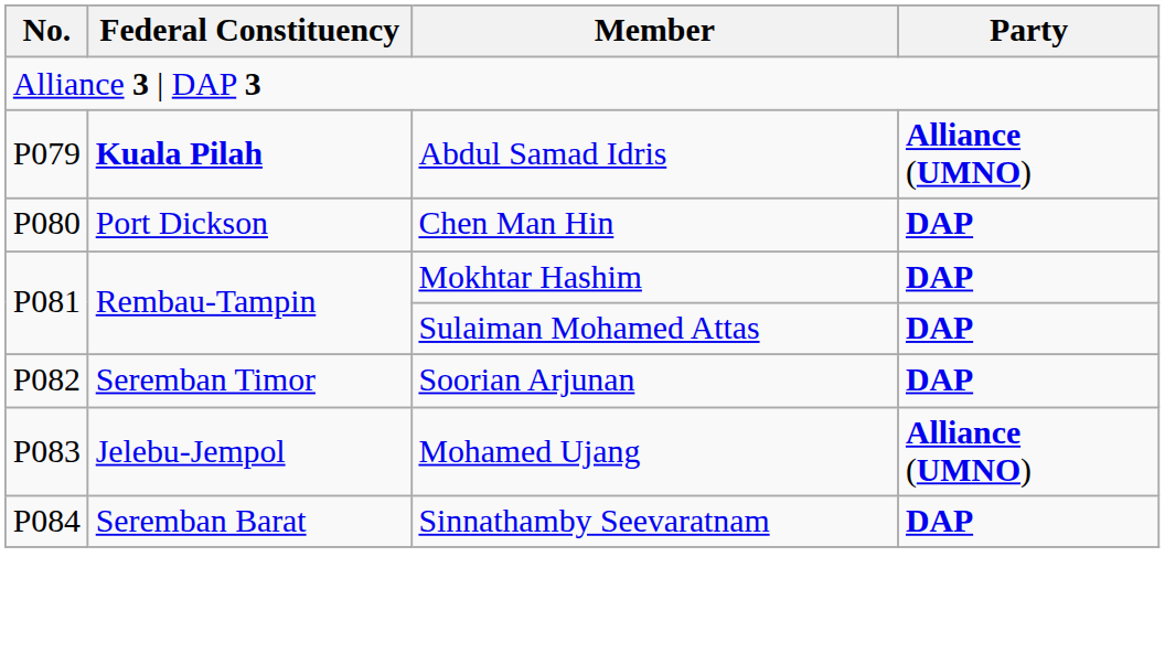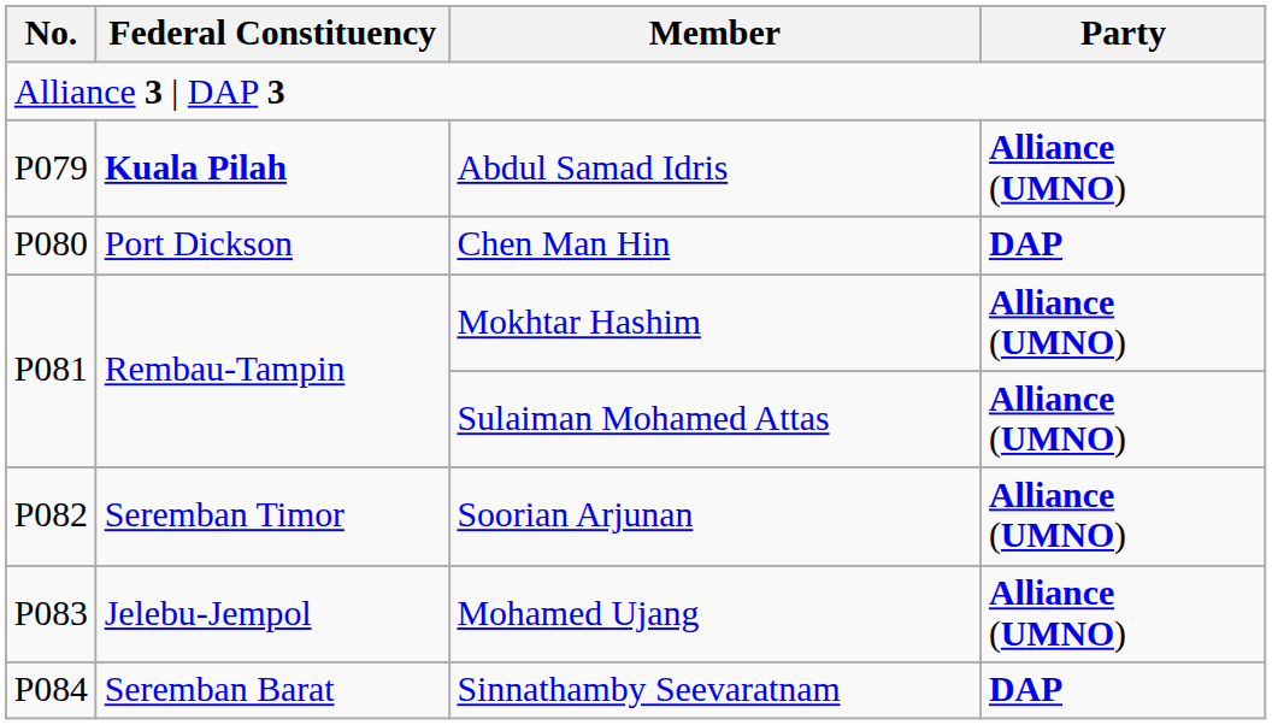 <table class="wikitable sortable">
 <tr>
 <th style="width:30px;">No.</th>
 <th style="width:150px;">Federal Constituency</th>
 <th style="width:230px;">Member</th>
 <th style="width:120px;">Party</th>
 </tr>
 <tr>
 <td colspan="4"><a href='#'>Alliance</a> <strong>3</strong> | <a href='#'>DAP</a> <strong>3</strong></td>
 </tr>
 <tr>
 <td>P079</td>
 <td><strong><a href='#'>Kuala Pilah</a></strong></td>
 <td><a href='#'>Abdul Samad Idris</a></td>
 <td><strong><a href='#'>Alliance</a></strong> (<strong><a href='#'>UMNO</a></strong>)</td>
 </tr>
 <tr>
 <td>P080</td>
 <td><a href='#'>Port Dickson</a></td>
 <td><a href='#'>Chen Man Hin</a></td>
 <td><strong><a href='#'>DAP</a></strong></td>
 </tr>
 <tr>
 <td rowspan=2>P081</td>
 <td rowspan=2><a href='#'>Rembau-Tampin</a></td>
 <td><a href='#'>Mokhtar Hashim</a> </td>
-<td><strong><a href='#'>DAP</a></strong></td>
+<td><strong><a href='#'>Alliance</a></strong> (<strong><a href='#'>UMNO</a></strong>)</td>
 </tr>
 <tr>
 <td><a href='#'>Sulaiman Mohamed Attas</a> </td>
-<td><strong><a href='#'>DAP</a></strong></td>
+<td><strong><a href='#'>Alliance</a></strong> (<strong><a href='#'>UMNO</a></strong>)</td>
 </tr>
 <tr>
 <td>P082</td>
 <td><a href='#'>Seremban Timor</a></td>
 <td><a href='#'>Soorian Arjunan</a></td>
-<td><strong><a href='#'>DAP</a></strong></td>
+<td><strong><a href='#'>Alliance</a></strong> (<strong><a href='#'>UMNO</a></strong>)</td>
 </tr>
 <tr>
 <td>P083</td>
 <td><a href='#'>Jelebu-Jempol</a></td>
 <td><a href='#'>Mohamed Ujang</a></td>
 <td><strong><a href='#'>Alliance</a></strong> (<strong><a href='#'>UMNO</a></strong>)</td>
 </tr>
 <tr>
 <td>P084</td>
 <td><a href='#'>Seremban Barat</a></td>
 <td><a href='#'>Sinnathamby Seevaratnam</a></td>
 <td><strong><a href='#'>DAP</a></strong></td>
 </tr>
 </table>
